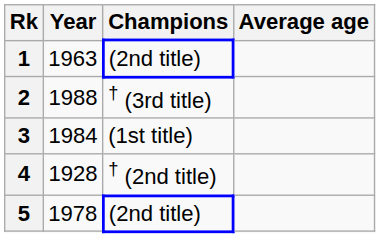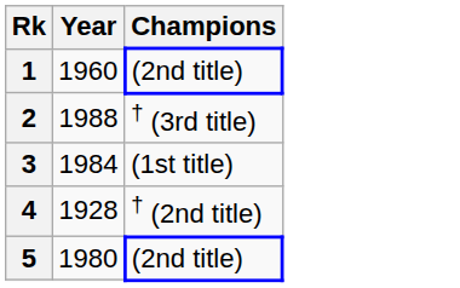 <table class="wikitable sticky-header" style="text-align: center; display: inline-table">
 <tr>
 <th scope="col">Rk</th>
 <th scope="col">Year</th>
 <th scope="col">Champions</th>
-<th scope="col">Average age</th>
 </tr>
 <tr>
 <th scope="row">1</th>
-<td>1963</td>
+<td>1960</td>
 <td style="border: 2px solid blue; text-align: left;"> (2nd title)</td>
-<td style="text-align: left;"><strong></strong></td>
 </tr>
 <tr>
 <th scope="row">2</th>
 <td>1988</td>
 <td style="text-align: left;"><em></em><sup>†</sup> (3rd title)</td>
-<td style="text-align: left;"><strong></strong></td>
 </tr>
 <tr>
 <th scope="row">3</th>
 <td>1984</td>
 <td style="text-align: left;"> (1st title)</td>
-<td style="text-align: left;"><strong></strong></td>
 </tr>
 <tr>
 <th scope="row">4</th>
 <td>1928</td>
 <td style="text-align: left;"><em></em><sup>†</sup> (2nd title)</td>
-<td style="text-align: left;"><strong></strong></td>
 </tr>
 <tr>
 <th scope="row">5</th>
-<td>1978</td>
+<td>1980</td>
 <td style="border: 2px solid blue; text-align: left;"> (2nd title)</td>
-<td style="text-align: left;"><strong></strong></td>
 </tr>
 </table>
